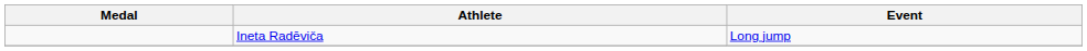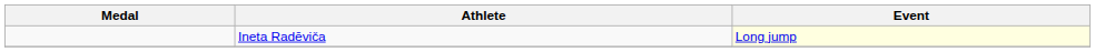 <table class="wikitable" style="font-size:90%" width=60%>
 <tr>
 <th>Medal</th>
 <th>Athlete</th>
 <th>Event</th>
 </tr>
 <tr>
 <td></td>
 <td><a href='#'>Ineta Radēviča</a></td>
-<td><a href='#'>Long jump</a></td>
+<td style="background: lightyellow;"><a href='#'>Long jump</a></td>
 </tr>
 <tr>
 </tr>
 </table>
